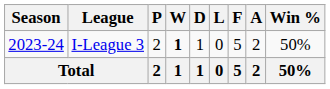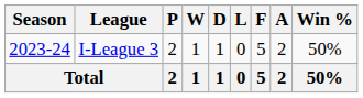 <table class="wikitable" style="text-align: center">
 <tr>
 <th>Season</th>
 <th>League</th>
 <th>P</th>
 <th>W</th>
 <th>D</th>
 <th>L</th>
 <th>F</th>
 <th>A</th>
 <th>Win %</th>
 </tr>
 <tr>
 <td align="left"><a href='#'>2023-24</a></td>
 <td><a href='#'>I-League 3</a></td>
 <td>2</td>
-<td><strong>1</strong></td>
+<td>1</td>
 <td>1</td>
 <td>0</td>
 <td>5</td>
 <td>2</td>
 <td>50%</td>
 </tr>
 <tr>
 <th colspan="2" align="left">Total</th>
 <th>2</th>
 <th>1</th>
 <th>1</th>
 <th>0</th>
 <th>5</th>
 <th>2</th>
 <th>50%</th>
 </tr>
 </table>
